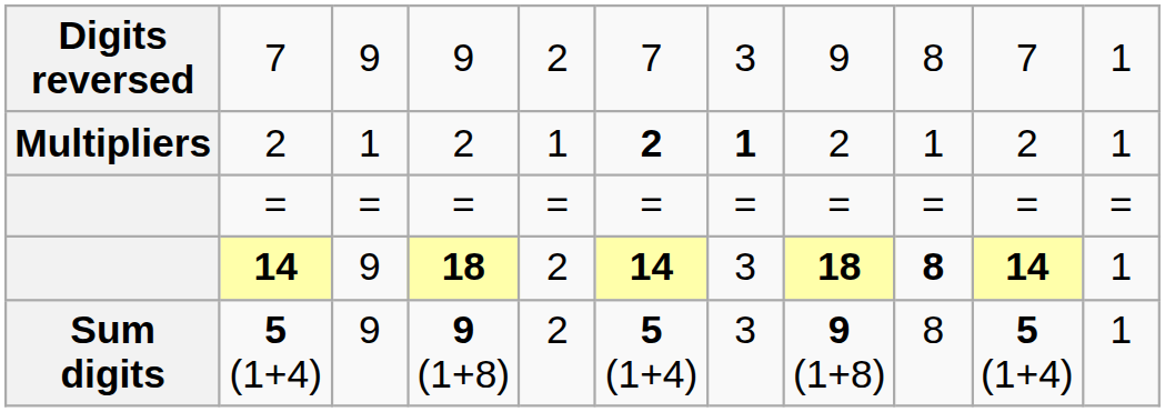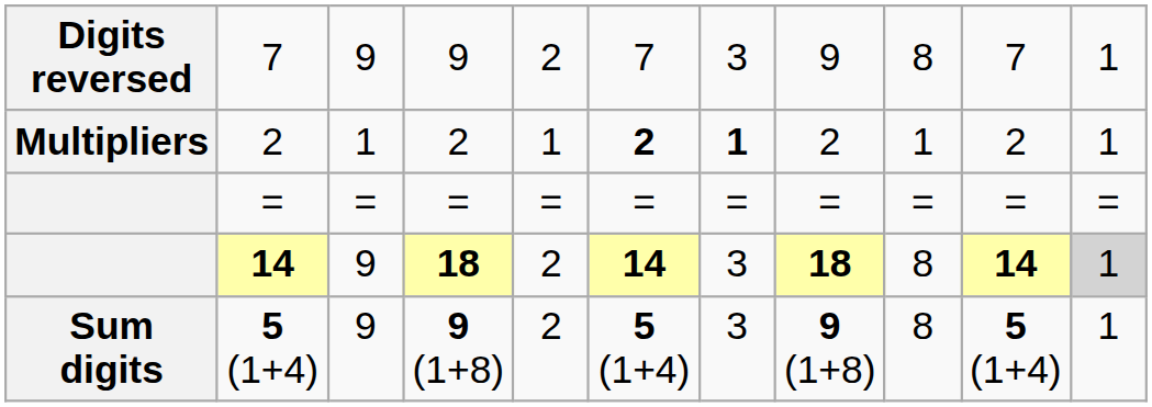 <table class="wikitable" style="text-align:center;border:none;">
 <tr>
 <th style="width:1.5em">Digits reversed</th>
 <td style="width:1.5em">7</td>
 <td style="width:1.5em">9</td>
 <td style="width:1.5em">9</td>
 <td style="width:1.5em">2</td>
 <td style="width:1.5em">7</td>
 <td style="width:1.5em">3</td>
 <td style="width:1.5em">9</td>
 <td style="width:1.5em">8</td>
 <td style="width:1.5em">7</td>
 <td style="width:1.5em">1</td>
 </tr>
 <tr>
 <th>Multipliers</th>
 <td>2</td>
 <td>1</td>
 <td>2</td>
 <td>1</td>
 <td><strong>2</strong></td>
 <td><strong>1</strong></td>
 <td>2</td>
 <td>1</td>
 <td>2</td>
 <td>1</td>
 </tr>
 <tr>
 <th></th>
 <td>=</td>
 <td>=</td>
 <td>=</td>
 <td>=</td>
 <td>=</td>
 <td>=</td>
 <td>=</td>
 <td>=</td>
 <td>=</td>
 <td>=</td>
 </tr>
 <tr>
 <th></th>
 <td style="background: #FFA; color: #000;"><strong>14</strong></td>
 <td>9</td>
 <td style="background: #FFA; color: #000;"><strong>18</strong></td>
 <td>2</td>
 <td style="background: #FFA; color: #000;"><strong>14</strong></td>
 <td>3</td>
 <td style="background: #FFA; color: #000;"><strong>18</strong></td>
-<td><strong>8</strong></td>
+<td>8</td>
 <td style="background: #FFA; color: #000;"><strong>14</strong></td>
-<td>1</td>
+<td style="background: lightgrey;">1</td>
 </tr>
 <tr>
 <th>Sum digits</th>
 <td><strong>5</strong> <br> (1+4)</td>
 <td>9 <br>  </td>
 <td><strong>9</strong> <br> (1+8)</td>
 <td>2 <br>  </td>
 <td><strong>5</strong> <br> (1+4)</td>
 <td>3 <br>  </td>
 <td><strong>9</strong> <br> (1+8)</td>
 <td>8 <br>  </td>
 <td><strong>5</strong> <br> (1+4)</td>
 <td>1 <br>  </td>
 </tr>
 </table>
